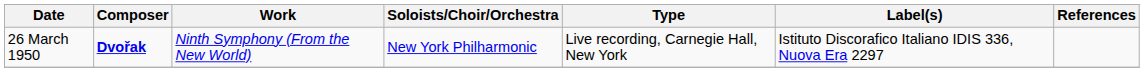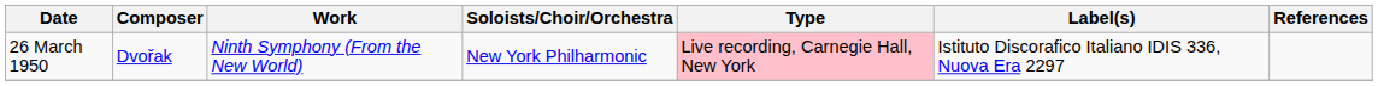 <table class="wikitable">
 <tr>
 <th>Date</th>
 <th>Composer</th>
 <th>Work</th>
 <th>Soloists/Choir/Orchestra</th>
 <th>Type</th>
 <th>Label(s)</th>
 <th>References</th>
 </tr>
 <tr>
 <td>26 March 1950</td>
-<td><strong><a href='#'>Dvořak</a></strong></td>
+<td><a href='#'>Dvořak</a></td>
 <td><em><a href='#'>Ninth Symphony (From the New World)</a></em></td>
 <td><a href='#'>New York Philharmonic</a></td>
-<td>Live recording, Carnegie Hall, New York</td>
+<td style="background: pink;">Live recording, Carnegie Hall, New York</td>
 <td>Istituto Discorafico Italiano IDIS 336, <a href='#'>Nuova Era</a> 2297</td>
 <td></td>
 </tr>
 <tr>
 </tr>
 </table>
